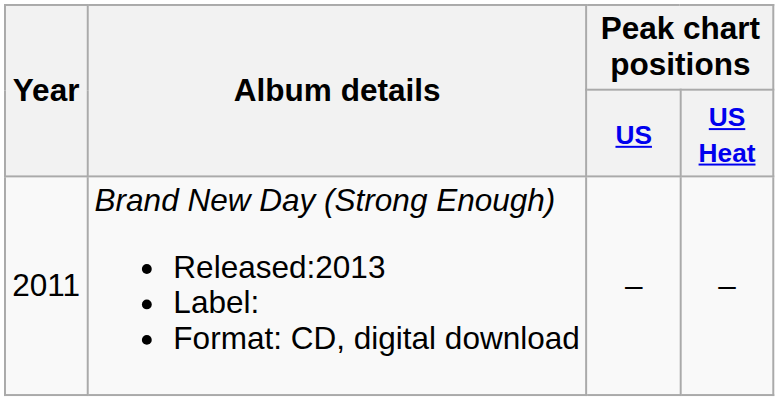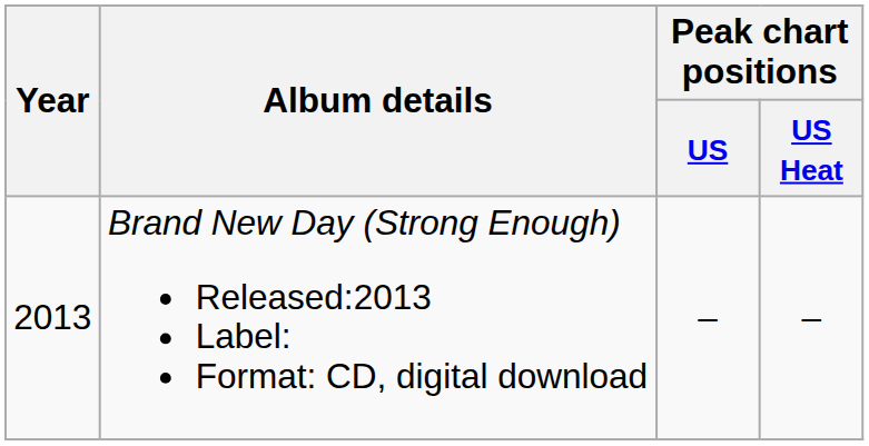 <table class="wikitable">
 <tr>
 <th rowspan="2">Year</th>
 <th rowspan="2">Album details</th>
 <th colspan="2">Peak chart positions</th>
 </tr>
 <tr>
 <th width="40"><small><a href='#'>US</a></small></th>
 <th width="40"><small><a href='#'>US Heat</a></small></th>
 </tr>
 <tr>
-<td>2011</td>
+<td>2013</td>
 <td><em>Brand New Day (Strong Enough)</em><br><ul><li>Released:2013</li><li>Label:</li><li>Format: CD, digital download</li></ul></td>
 <td style="text-align:center;">–</td>
 <td style="text-align:center;">–</td>
 </tr>
 </table>
